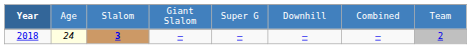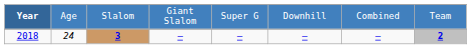 <table class="wikitable" style="font-size:95%; text-align:center; border:grey solid 1px; border-collapse:collapse;" width="40%">
 <tr style="background-color:#369; color:white;">
 <td rowspan="2" colspan="1" width="4%"><strong>Year</strong></td>
 </tr>
 <tr style="background-color:#4180be; color:white;">
 <td width="3%">Age</td>
 <td width="5%">Slalom</td>
 <td width="5%">Giant<br>Slalom</td>
 <td width="5%">Super G</td>
 <td width="5%">Downhill</td>
 <td width="5%">Combined</td>
 <td width="5%">Team</td>
 </tr>
 <tr style="background-color:#8CB2D8; color:white;">
 </tr>
 <tr>
 <td><a href='#'>2018</a></td>
-<td style="background: lightyellow;"><em>24</em></td>
+<td><em>24</em></td>
 <td bgcolor=#c96><strong><a href='#'>3</a></strong></td>
 <td><a href='#'>—</a></td>
 <td><a href='#'>—</a></td>
 <td><a href='#'>—</a></td>
 <td><a href='#'>—</a></td>
-<td bgcolor=silver><a href='#'>2</a></td>
+<td bgcolor=silver><strong><a href='#'>2</a></strong></td>
 </tr>
 </table>
